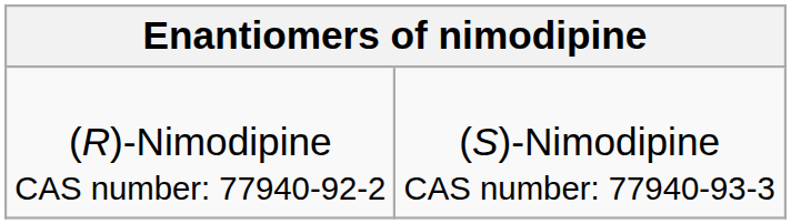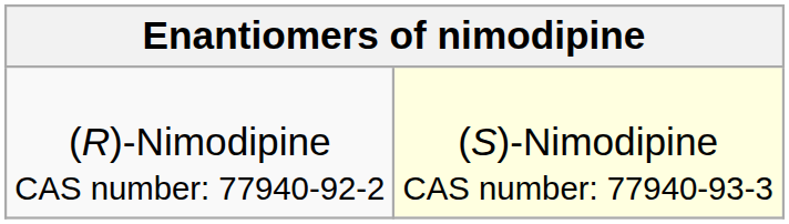 <table class="wikitable" style="text-align:center">
 <tr class="hintergrundfarbe6">
 <th colspan="2">Enantiomers of nimodipine</th>
 </tr>
 <tr>
 <td><br>(<em>R</em>)-Nimodipine<br><small>CAS number: 77940-92-2</small></td>
-<td><br>(<em>S</em>)-Nimodipine<br><small>CAS number: 77940-93-3</small></td>
+<td style="background: lightyellow;"><br>(<em>S</em>)-Nimodipine<br><small>CAS number: 77940-93-3</small></td>
 </tr>
 </table>
